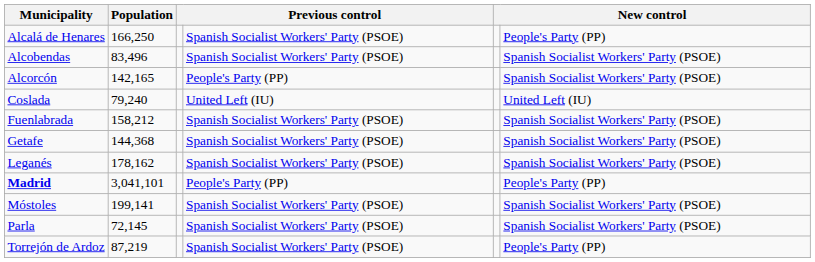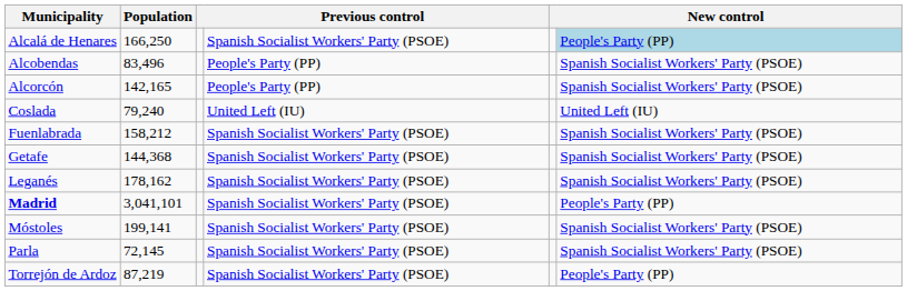 <table class="wikitable sortable">
 <tr>
 <th>Municipality</th>
 <th>Population</th>
 <th colspan="2" style="width:375px;">Previous control</th>
 <th colspan="2" style="width:375px;">New control</th>
 </tr>
 <tr>
 <td><a href='#'>Alcalá de Henares</a></td>
 <td>166,250</td>
 <td width="1" style="color:inherit;background:"></td>
 <td><a href='#'>Spanish Socialist Workers' Party</a> (PSOE)</td>
 <td width="1" style="color:inherit;background:"></td>
-<td><a href='#'>People's Party</a> (PP)</td>
+<td style="background: lightblue;"><a href='#'>People's Party</a> (PP)</td>
 </tr>
 <tr>
 <td><a href='#'>Alcobendas</a></td>
 <td>83,496</td>
 <td style="color:inherit;background:"></td>
-<td><a href='#'>Spanish Socialist Workers' Party</a> (PSOE)</td>
+<td><a href='#'>People's Party</a> (PP)</td>
 <td style="color:inherit;background:"></td>
 <td><a href='#'>Spanish Socialist Workers' Party</a> (PSOE)</td>
 </tr>
 <tr>
 <td><a href='#'>Alcorcón</a></td>
 <td>142,165</td>
 <td style="color:inherit;background:"></td>
 <td><a href='#'>People's Party</a> (PP)</td>
 <td style="color:inherit;background:"></td>
 <td><a href='#'>Spanish Socialist Workers' Party</a> (PSOE)</td>
 </tr>
 <tr>
 <td><a href='#'>Coslada</a></td>
 <td>79,240</td>
 <td style="color:inherit;background:"></td>
 <td><a href='#'>United Left</a> (IU)</td>
 <td style="color:inherit;background:"></td>
 <td><a href='#'>United Left</a> (IU) </td>
 </tr>
 <tr>
 <td><a href='#'>Fuenlabrada</a></td>
 <td>158,212</td>
 <td style="color:inherit;background:"></td>
 <td><a href='#'>Spanish Socialist Workers' Party</a> (PSOE)</td>
 <td style="color:inherit;background:"></td>
 <td><a href='#'>Spanish Socialist Workers' Party</a> (PSOE)</td>
 </tr>
 <tr>
 <td><a href='#'>Getafe</a></td>
 <td>144,368</td>
 <td style="color:inherit;background:"></td>
 <td><a href='#'>Spanish Socialist Workers' Party</a> (PSOE)</td>
 <td style="color:inherit;background:"></td>
 <td><a href='#'>Spanish Socialist Workers' Party</a> (PSOE)</td>
 </tr>
 <tr>
 <td><a href='#'>Leganés</a></td>
 <td>178,162</td>
 <td style="color:inherit;background:"></td>
 <td><a href='#'>Spanish Socialist Workers' Party</a> (PSOE)</td>
 <td style="color:inherit;background:"></td>
 <td><a href='#'>Spanish Socialist Workers' Party</a> (PSOE)</td>
 </tr>
 <tr>
 <td><strong><a href='#'>Madrid</a></strong></td>
 <td>3,041,101</td>
 <td style="color:inherit;background:"></td>
-<td><a href='#'>People's Party</a> (PP)</td>
+<td><a href='#'>Spanish Socialist Workers' Party</a> (PSOE)</td>
 <td style="color:inherit;background:"></td>
 <td><a href='#'>People's Party</a> (PP)</td>
 </tr>
 <tr>
 <td><a href='#'>Móstoles</a></td>
 <td>199,141</td>
 <td style="color:inherit;background:"></td>
 <td><a href='#'>Spanish Socialist Workers' Party</a> (PSOE)</td>
 <td style="color:inherit;background:"></td>
 <td><a href='#'>Spanish Socialist Workers' Party</a> (PSOE)</td>
 </tr>
 <tr>
 <td><a href='#'>Parla</a></td>
 <td>72,145</td>
 <td style="color:inherit;background:"></td>
 <td><a href='#'>Spanish Socialist Workers' Party</a> (PSOE)</td>
 <td style="color:inherit;background:"></td>
 <td><a href='#'>Spanish Socialist Workers' Party</a> (PSOE)</td>
 </tr>
 <tr>
 <td><a href='#'>Torrejón de Ardoz</a></td>
 <td>87,219</td>
 <td style="color:inherit;background:"></td>
 <td><a href='#'>Spanish Socialist Workers' Party</a> (PSOE)</td>
 <td style="color:inherit;background:"></td>
 <td><a href='#'>People's Party</a> (PP) </td>
 </tr>
 </table>
